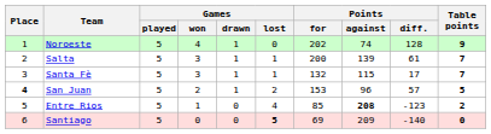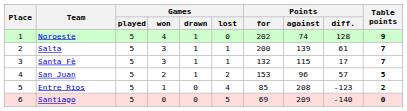 <table class="wikitable">
 <tr>
 <th rowspan=2 width="8%">Place</th>
 <th rowspan=2 width="20%">Team</th>
 <th colspan=4 width="32%">Games</th>
 <th colspan=3 width="30%">Points</th>
 <th rowspan=2 width="10%">Table<br>points</th>
 </tr>
 <tr>
 <th width="8%">played</th>
 <th width="8%">won</th>
 <th width="8%">drawn</th>
 <th width="8%">lost</th>
 <th width="10%">for</th>
 <th width="10%">against</th>
 <th width="10%">diff.</th>
 </tr>
 <tr align=center style="background: #ccffcc;">
 <td>1</td>
 <td align=left><a href='#'>Noroeste</a></td>
 <td>5</td>
 <td>4</td>
 <td>1</td>
 <td>0</td>
 <td>202</td>
 <td>74</td>
 <td>128</td>
 <td><strong>9</strong></td>
 </tr>
 <tr align=center style="background: #ffffff;">
 <td>2</td>
 <td align=left><a href='#'>Salta</a></td>
 <td>5</td>
 <td>3</td>
 <td>1</td>
 <td>1</td>
 <td>200</td>
 <td>139</td>
 <td>61</td>
 <td><strong>7</strong></td>
 </tr>
 <tr align=center style="background: #ffffff;">
 <td>3</td>
 <td align=left><a href='#'>Santa Fè</a></td>
 <td>5</td>
 <td>3</td>
 <td>1</td>
 <td>1</td>
 <td>132</td>
 <td>115</td>
 <td>17</td>
 <td><strong>7</strong></td>
 </tr>
 <tr align=center style="background: #ffffff;">
-<td><strong>4</strong></td>
+<td>4</td>
 <td align=left><a href='#'>San Juan</a></td>
 <td>5</td>
 <td>2</td>
 <td>1</td>
 <td>2</td>
 <td>153</td>
 <td>96</td>
 <td>57</td>
 <td><strong>5</strong></td>
 </tr>
 <tr align=center style="background: #ffffff;">
 <td>5</td>
 <td align=left><a href='#'>Entre Rios</a></td>
 <td>5</td>
 <td>1</td>
 <td>0</td>
 <td>4</td>
 <td>85</td>
-<td><strong>208</strong></td>
+<td>208</td>
 <td>-123</td>
 <td><strong>2</strong></td>
 </tr>
 <tr align=center style="background: #ffdddd;">
 <td>6</td>
 <td align=left><a href='#'>Santiago</a></td>
 <td>5</td>
 <td>0</td>
 <td>0</td>
-<td><strong>5</strong></td>
+<td>5</td>
 <td>69</td>
 <td>209</td>
 <td>-140</td>
 <td><strong>0</strong></td>
 </tr>
 </table>
